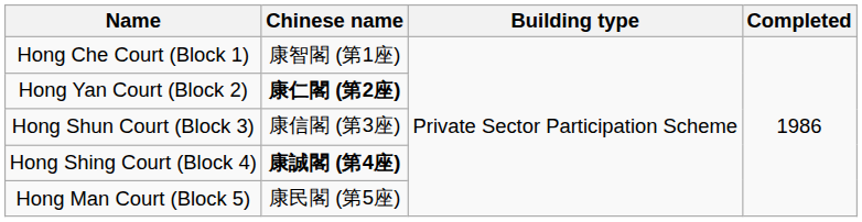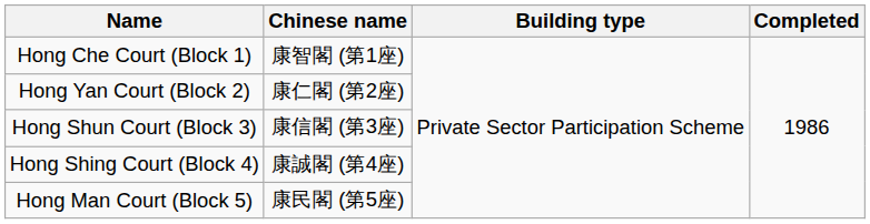 <table class="wikitable" style="text-align: center">
 <tr>
 <th>Name</th>
 <th>Chinese name</th>
 <th>Building type</th>
 <th>Completed</th>
 </tr>
 <tr>
 <td>Hong Che Court (Block 1)</td>
 <td>康智閣 (第1座)</td>
 <td rowspan="5">Private Sector Participation Scheme</td>
 <td rowspan="5">1986</td>
 </tr>
 <tr>
 <td>Hong Yan Court (Block 2)</td>
-<td><strong>康仁閣 (第2座)</strong></td>
+<td>康仁閣 (第2座)</td>
 </tr>
 <tr>
 <td>Hong Shun Court (Block 3)</td>
 <td>康信閣 (第3座)</td>
 </tr>
 <tr>
 <td>Hong Shing Court (Block 4)</td>
-<td><strong>康誠閣 (第4座)</strong></td>
+<td>康誠閣 (第4座)</td>
 </tr>
 <tr>
 <td>Hong Man Court (Block 5)</td>
 <td>康民閣 (第5座)</td>
 </tr>
 </table>
